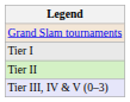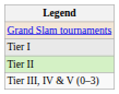 <table class="wikitable" style="font-size:92%;">
 <tr>
 <th>Legend</th>
 </tr>
 <tr>
 <td style="background:#f3e6d7;"><a href='#'>Grand Slam tournaments</a></td>
 </tr>
 <tr>
 <td style="background:#e9e9e9;">Tier I</td>
 </tr>
 <tr>
 <td style="background:#d4f1c5;">Tier II</td>
 </tr>
 <tr>
-<td style="background: lavender;">Tier III, IV & V (0–3)</td>
+<td>Tier III, IV & V (0–3)</td>
 </tr>
 </table>
